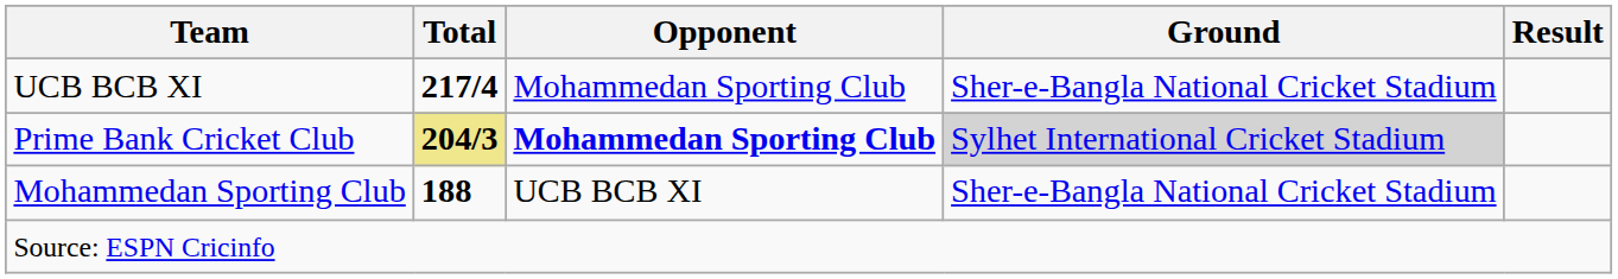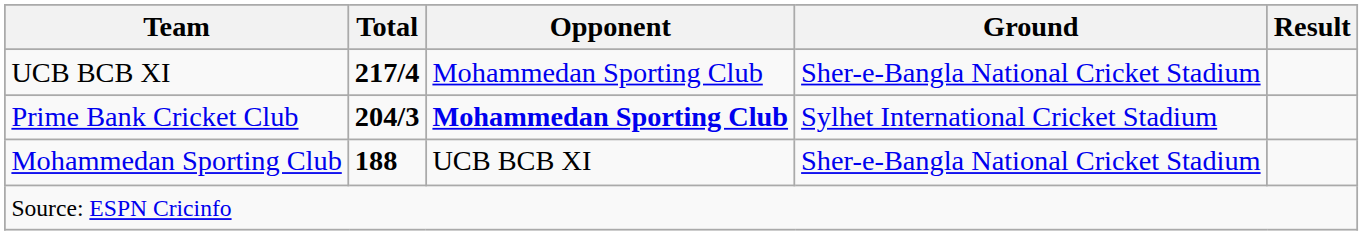 <table class="wikitable sortable">
 <tr>
 <th>Team</th>
 <th>Total</th>
 <th>Opponent</th>
 <th>Ground</th>
 <th>Result</th>
 </tr>
 <tr>
 <td>UCB BCB XI</td>
 <td><strong>217/4</strong></td>
 <td><a href='#'>Mohammedan Sporting Club</a></td>
 <td><a href='#'>Sher-e-Bangla National Cricket Stadium</a></td>
 <td><strong></strong></td>
 </tr>
 <tr>
 <td><a href='#'>Prime Bank Cricket Club</a></td>
-<td style="background: khaki;"><strong>204/3</strong></td>
+<td><strong>204/3</strong></td>
 <td><strong><a href='#'>Mohammedan Sporting Club</a></strong></td>
-<td style="background: lightgrey;"><a href='#'>Sylhet International Cricket Stadium</a></td>
+<td><a href='#'>Sylhet International Cricket Stadium</a></td>
 <td><strong></strong></td>
 </tr>
 <tr>
 <td><a href='#'>Mohammedan Sporting Club</a></td>
 <td><strong>188</strong></td>
 <td>UCB BCB XI</td>
 <td><a href='#'>Sher-e-Bangla National Cricket Stadium</a></td>
 <td><strong></strong></td>
 </tr>
 <tr>
 <td colspan="25" style="text-align:left"><small>Source: <a href='#'>ESPN Cricinfo</a></small></td>
 </tr>
 </table>
